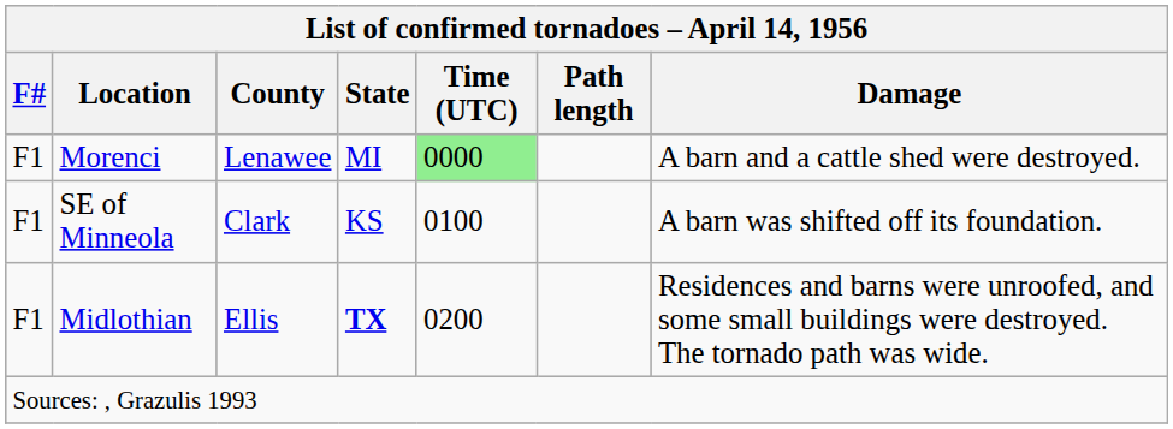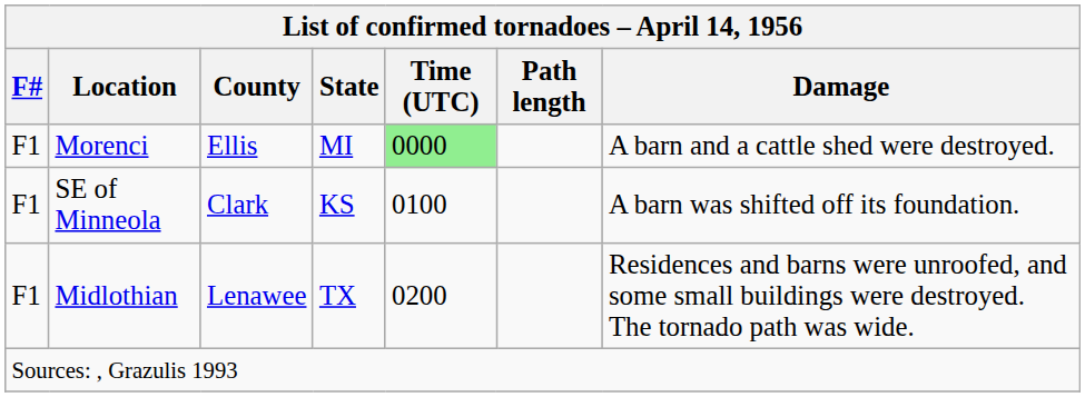 <table class="wikitable toccolours collapsible" width="100%">
 <tr>
 <th colspan="7">List of confirmed tornadoes – April 14, 1956</th>
 </tr>
 <tr>
 <th><a href='#'>F#</a></th>
 <th>Location</th>
 <th>County</th>
 <th>State</th>
 <th>Time (UTC)</th>
 <th>Path length</th>
 <th>Damage</th>
 </tr>
 <tr>
 <td>F1</td>
 <td><a href='#'>Morenci</a></td>
-<td><a href='#'>Lenawee</a></td>
+<td><a href='#'>Ellis</a></td>
 <td><a href='#'>MI</a></td>
 <td style="background: lightgreen;">0000</td>
 <td></td>
 <td>A barn and a cattle shed were destroyed.</td>
 </tr>
 <tr>
 <td>F1</td>
 <td>SE of <a href='#'>Minneola</a></td>
 <td><a href='#'>Clark</a></td>
 <td><a href='#'>KS</a></td>
 <td>0100</td>
 <td></td>
 <td>A barn was shifted off its foundation.</td>
 </tr>
 <tr>
 <td>F1</td>
 <td><a href='#'>Midlothian</a></td>
-<td><a href='#'>Ellis</a></td>
-<td><strong><a href='#'>TX</a></strong></td>
+<td><a href='#'>Lenawee</a></td>
+<td><a href='#'>TX</a></td>
 <td>0200</td>
 <td></td>
 <td>Residences and barns were unroofed, and some small buildings were destroyed. The tornado path was  wide.</td>
 </tr>
 <tr>
 <td colspan="7"><small>Sources: , Grazulis 1993</small></td>
 </tr>
 </table>
